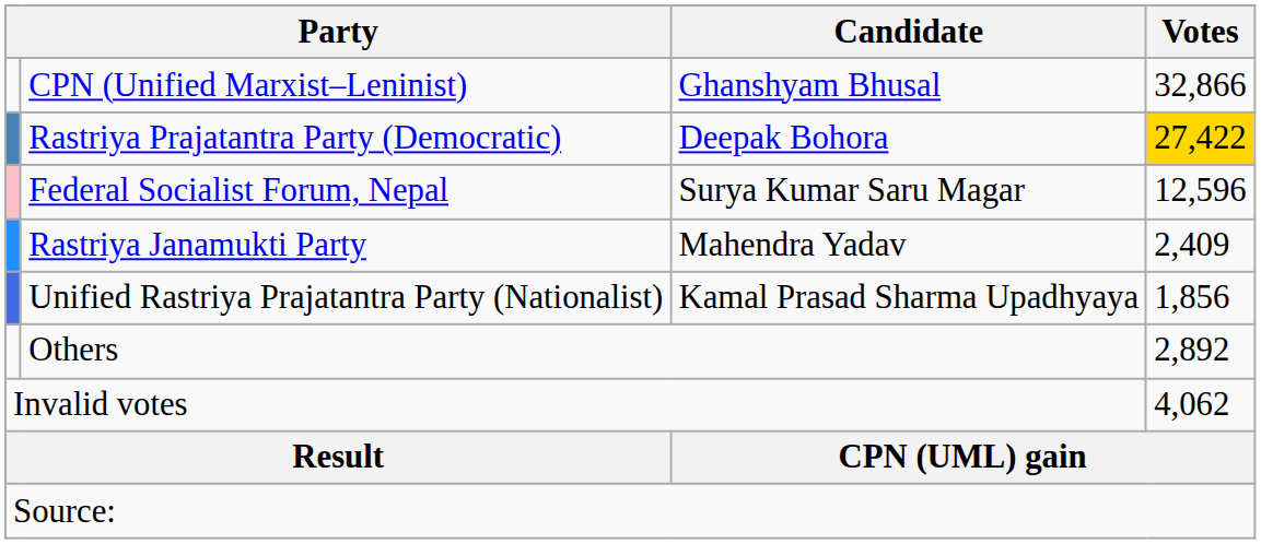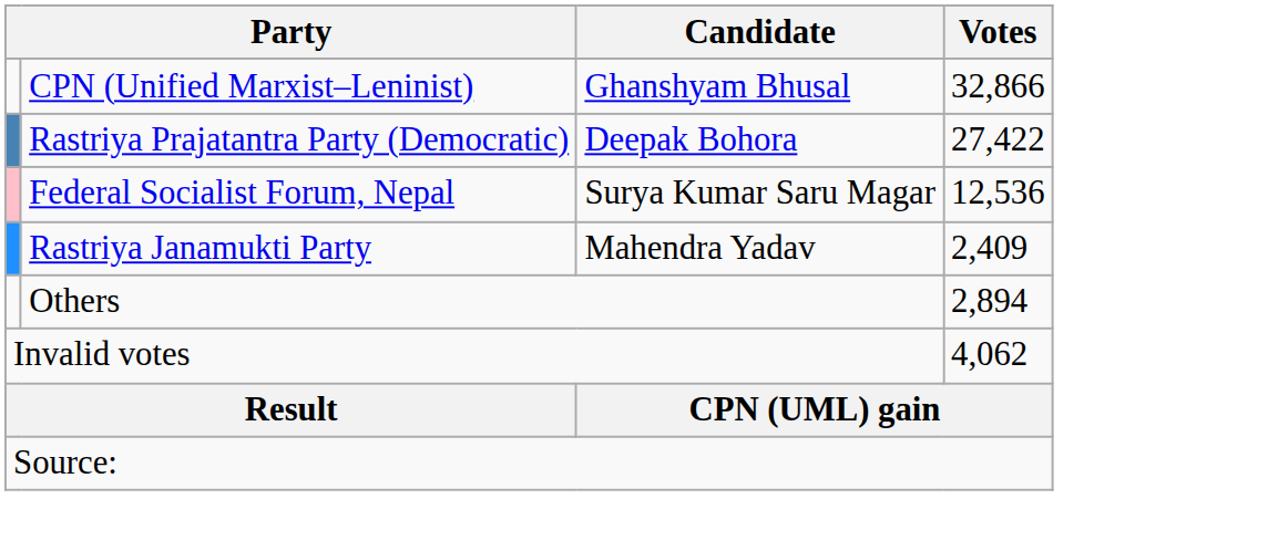 <table class="wikitable">
 <tr>
 <th colspan="2">Party</th>
 <th>Candidate</th>
 <th>Votes</th>
 </tr>
 <tr>
 <td style="background-color:"></td>
 <td><a href='#'>CPN (Unified Marxist–Leninist)</a></td>
 <td><a href='#'>Ghanshyam Bhusal</a></td>
 <td>32,866</td>
 </tr>
 <tr>
 <td style="background-color:steelblue"></td>
 <td><a href='#'>Rastriya Prajatantra Party (Democratic)</a></td>
 <td><a href='#'>Deepak Bohora</a></td>
-<td style="background: gold;">27,422</td>
+<td>27,422</td>
 </tr>
 <tr>
 <td style="background-color:pink"></td>
 <td><a href='#'>Federal Socialist Forum, Nepal</a></td>
 <td>Surya Kumar Saru Magar</td>
-<td>12,596</td>
+<td>12,536</td>
 </tr>
 <tr>
 <td style="background-color:dodgerblue"></td>
 <td><a href='#'>Rastriya Janamukti Party</a></td>
 <td>Mahendra Yadav</td>
 <td>2,409</td>
 </tr>
 <tr>
-<td style="background-color:royalblue"></td>
-<td>Unified Rastriya Prajatantra Party (Nationalist)</td>
-<td>Kamal Prasad Sharma Upadhyaya</td>
-<td>1,856</td>
-</tr>
-<tr>
 <td></td>
 <td colspan="2">Others</td>
-<td>2,892</td>
+<td>2,894</td>
 </tr>
 <tr>
 <td colspan="3">Invalid votes</td>
 <td>4,062</td>
 </tr>
 <tr>
 <th colspan="2">Result</th>
 <th colspan="2">CPN (UML) gain</th>
 </tr>
 <tr>
 <td colspan="4">Source: </td>
 </tr>
 </table>
